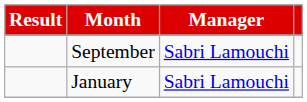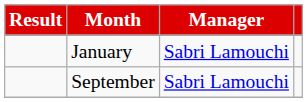 <table class="wikitable" style="text-align:left">
 <tr>
 <th style="background:#DD0000; color:#FFFFFF;">Result</th>
 <th style="background:#DD0000; color:#FFFFFF;">Month</th>
 <th style="background:#DD0000;color:#FFFFFF;">Manager</th>
 <th style="background:#DD0000; color:#FFFFFF;"></th>
 </tr>
 <tr>
 </tr>
 <tr>
 <td></td>
-<td>September</td>
+<td>January</td>
 <td> <a href='#'>Sabri Lamouchi</a></td>
 <td></td>
 </tr>
 <tr>
 <td></td>
-<td>January</td>
+<td>September</td>
 <td> <a href='#'>Sabri Lamouchi</a></td>
 <td></td>
 </tr>
 <tr>
 </tr>
 </table>
